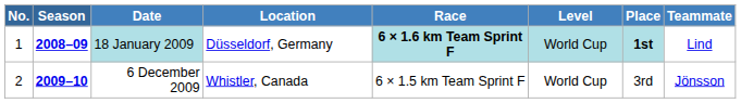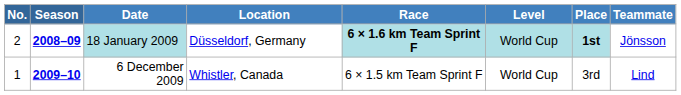 <table class="wikitable sortable" style="font-size:95%; text-align:center; border:grey solid 1px; border-collapse:collapse; background:#ffffff;">
 <tr style="background:#efefef;">
 <th style="background-color:#369; color:white;">No.</th>
 <th style="background-color:#369; color:white;">Season</th>
 <th style="background-color:#4180be; color:white; width:120px;">Date</th>
 <th style="background-color:#4180be; color:white; width:185px;">Location</th>
 <th style="background-color:#4180be; color:white; width:170px;">Race</th>
 <th style="background-color:#4180be; color:white; width:100px;">Level</th>
 <th style="background-color:#4180be; color:white;">Place</th>
 <th style="background-color:#4180be; color:white;">Teammate</th>
 </tr>
 <tr>
-<td align=center>1</td>
+<td align=center>2</td>
 <td><strong><a href='#'>2008–09</a></strong></td>
 <td align=left bgcolor="#BOEOE6" align=right>18 January 2009</td>
 <td align=left> <a href='#'>Düsseldorf</a>, Germany</td>
 <td bgcolor="#BOEOE6" align=center><strong>6 × 1.6 km Team Sprint F</strong></td>
 <td bgcolor="#BOEOE6">World Cup</td>
 <td bgcolor="#BOEOE6"><strong>1st</strong></td>
-<td><a href='#'>Lind</a></td>
+<td><a href='#'>Jönsson</a></td>
 </tr>
 <tr>
-<td align=center>2</td>
+<td align=center>1</td>
 <td rowspan=1 align=center><strong><a href='#'>2009–10</a></strong></td>
 <td align=right>6 December 2009</td>
 <td align=left> <a href='#'>Whistler</a>, Canada</td>
 <td>6 × 1.5 km Team Sprint F</td>
 <td>World Cup</td>
 <td>3rd</td>
-<td><a href='#'>Jönsson</a></td>
+<td><a href='#'>Lind</a></td>
 </tr>
 </table>
